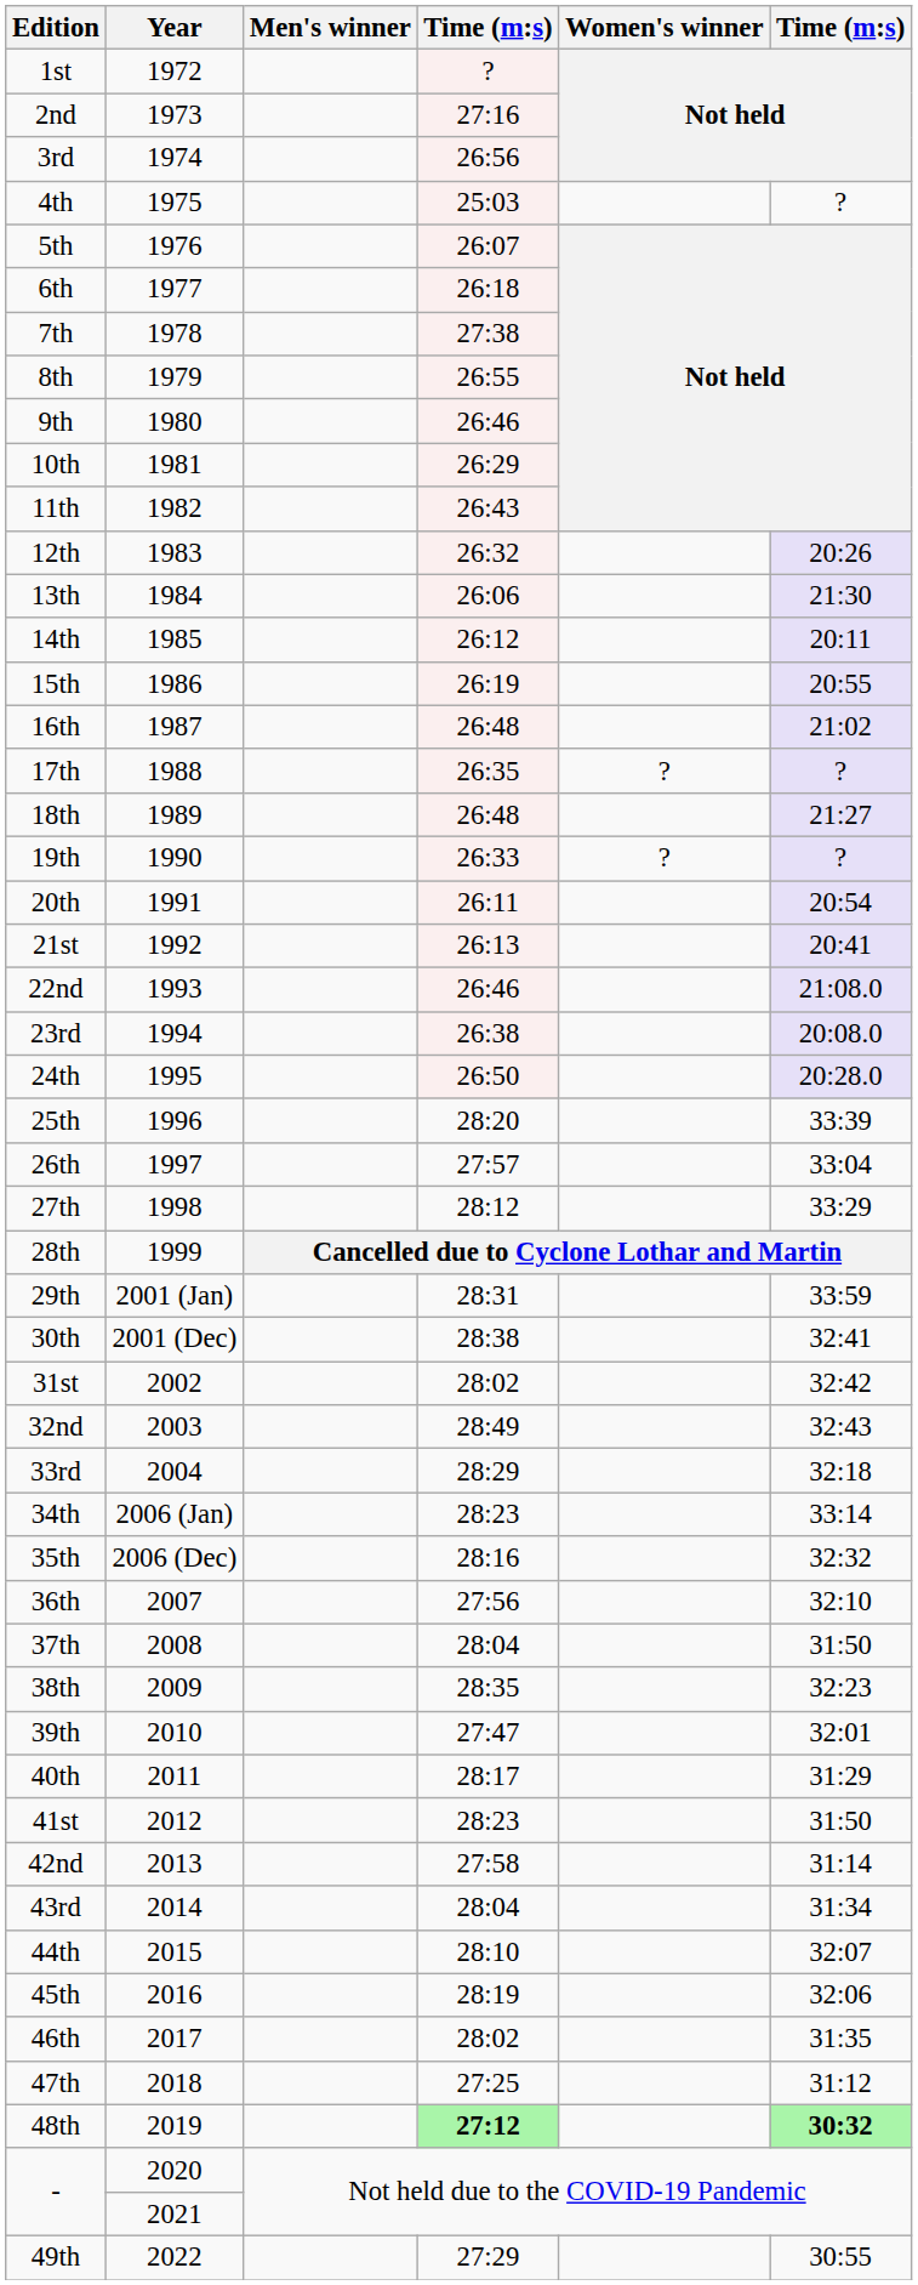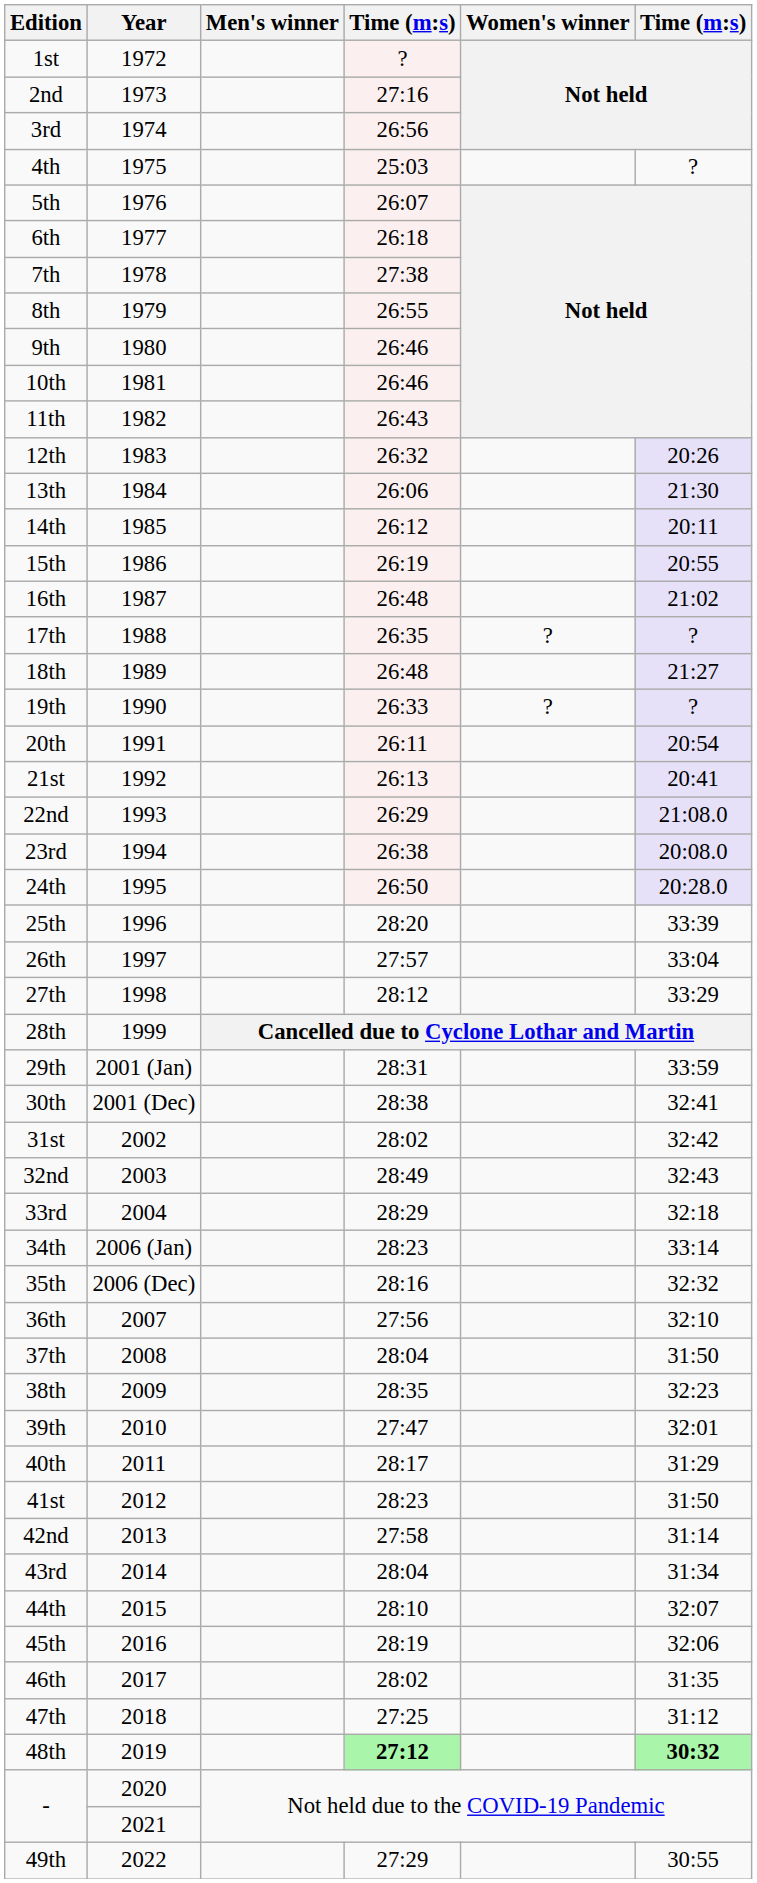 <table class="wikitable sortable" style="text-align:center">
 <tr>
 <th class=unsortable>Edition</th>
 <th>Year</th>
 <th class=unsortable>Men's winner</th>
 <th>Time (<a href='#'>m</a>:<a href='#'>s</a>)</th>
 <th class=unsortable>Women's winner</th>
 <th>Time (<a href='#'>m</a>:<a href='#'>s</a>)</th>
 </tr>
 <tr>
 <td>1st</td>
 <td>1972</td>
 <td align=left></td>
 <td bgcolor=#FBEFEF>?</td>
 <th colspan=2 rowspan=3>Not held</th>
 </tr>
 <tr>
 <td>2nd</td>
 <td>1973</td>
 <td align=left></td>
 <td bgcolor=#FBEFEF>27:16</td>
 </tr>
 <tr>
 <td>3rd</td>
 <td>1974</td>
 <td align=left></td>
 <td bgcolor=#FBEFEF>26:56</td>
 </tr>
 <tr>
 <td>4th</td>
 <td>1975</td>
 <td align=left></td>
 <td bgcolor=#FBEFEF>25:03</td>
 <td align=left></td>
 <td>?</td>
 </tr>
 <tr>
 <td>5th</td>
 <td>1976</td>
 <td align=left></td>
 <td bgcolor=#FBEFEF>26:07</td>
 <th colspan=2 rowspan=7>Not held</th>
 </tr>
 <tr>
 <td>6th</td>
 <td>1977</td>
 <td align=left></td>
 <td bgcolor=#FBEFEF>26:18</td>
 </tr>
 <tr>
 <td>7th</td>
 <td>1978</td>
 <td align=left></td>
 <td bgcolor=#FBEFEF>27:38</td>
 </tr>
 <tr>
 <td>8th</td>
 <td>1979</td>
 <td align=left></td>
 <td bgcolor=#FBEFEF>26:55</td>
 </tr>
 <tr>
 <td>9th</td>
 <td>1980</td>
 <td align=left></td>
 <td bgcolor=#FBEFEF>26:46</td>
 </tr>
 <tr>
 <td>10th</td>
 <td>1981</td>
 <td align=left></td>
-<td bgcolor=#FBEFEF>26:29</td>
+<td bgcolor=#FBEFEF>26:46</td>
 </tr>
 <tr>
 <td>11th</td>
 <td>1982</td>
 <td align=left></td>
 <td bgcolor=#FBEFEF>26:43</td>
 </tr>
 <tr>
 <td>12th</td>
 <td>1983</td>
 <td align=left></td>
 <td bgcolor=#FBEFEF>26:32</td>
 <td align=left></td>
 <td bgcolor=#E6E0F8>20:26</td>
 </tr>
 <tr>
 <td>13th</td>
 <td>1984</td>
 <td align=left></td>
 <td bgcolor=#FBEFEF>26:06</td>
 <td align=left></td>
 <td bgcolor=#E6E0F8>21:30</td>
 </tr>
 <tr>
 <td>14th</td>
 <td>1985</td>
 <td align=left></td>
 <td bgcolor=#FBEFEF>26:12</td>
 <td align=left></td>
 <td bgcolor=#E6E0F8>20:11</td>
 </tr>
 <tr>
 <td>15th</td>
 <td>1986</td>
 <td align=left></td>
 <td bgcolor=#FBEFEF>26:19</td>
 <td align=left></td>
 <td bgcolor=#E6E0F8>20:55</td>
 </tr>
 <tr>
 <td>16th</td>
 <td>1987</td>
 <td align=left></td>
 <td bgcolor=#FBEFEF>26:48</td>
 <td align=left></td>
 <td bgcolor=#E6E0F8>21:02</td>
 </tr>
 <tr>
 <td>17th</td>
 <td>1988</td>
 <td align=left></td>
 <td bgcolor=#FBEFEF>26:35</td>
 <td>?</td>
 <td bgcolor=#E6E0F8>?</td>
 </tr>
 <tr>
 <td>18th</td>
 <td>1989</td>
 <td align=left></td>
 <td bgcolor=#FBEFEF>26:48</td>
 <td align=left></td>
 <td bgcolor=#E6E0F8>21:27</td>
 </tr>
 <tr>
 <td>19th</td>
 <td>1990</td>
 <td align=left></td>
 <td bgcolor=#FBEFEF>26:33</td>
 <td>?</td>
 <td bgcolor=#E6E0F8>?</td>
 </tr>
 <tr>
 <td>20th</td>
 <td>1991</td>
 <td align=left></td>
 <td bgcolor=#FBEFEF>26:11</td>
 <td align=left></td>
 <td bgcolor=#E6E0F8>20:54</td>
 </tr>
 <tr>
 <td>21st</td>
 <td>1992</td>
 <td align=left></td>
 <td bgcolor=#FBEFEF>26:13</td>
 <td align=left></td>
 <td bgcolor=#E6E0F8>20:41</td>
 </tr>
 <tr>
 <td>22nd</td>
 <td>1993</td>
 <td align=left></td>
-<td bgcolor=#FBEFEF>26:46</td>
+<td bgcolor=#FBEFEF>26:29</td>
 <td align=left></td>
 <td bgcolor=#E6E0F8>21:08.0</td>
 </tr>
 <tr>
 <td>23rd</td>
 <td>1994</td>
 <td align=left></td>
 <td bgcolor=#FBEFEF>26:38</td>
 <td align=left></td>
 <td bgcolor=#E6E0F8>20:08.0</td>
 </tr>
 <tr>
 <td>24th</td>
 <td>1995</td>
 <td align=left></td>
 <td bgcolor=#FBEFEF>26:50</td>
 <td align=left></td>
 <td bgcolor=#E6E0F8>20:28.0</td>
 </tr>
 <tr>
 <td>25th</td>
 <td>1996</td>
 <td align=left></td>
 <td>28:20</td>
 <td align=left></td>
 <td>33:39</td>
 </tr>
 <tr>
 <td>26th</td>
 <td>1997</td>
 <td align=left></td>
 <td>27:57</td>
 <td align=left></td>
 <td>33:04</td>
 </tr>
 <tr>
 <td>27th</td>
 <td>1998</td>
 <td align=left></td>
 <td>28:12</td>
 <td align=left></td>
 <td>33:29</td>
 </tr>
 <tr>
 <td>28th</td>
 <td>1999</td>
 <th colspan=4>Cancelled due to <a href='#'>Cyclone Lothar and Martin</a></th>
 </tr>
 <tr>
 <td>29th</td>
 <td>2001 (Jan)</td>
 <td align=left></td>
 <td>28:31</td>
 <td align=left></td>
 <td>33:59</td>
 </tr>
 <tr>
 <td>30th</td>
 <td>2001 (Dec)</td>
 <td align=left></td>
 <td>28:38</td>
 <td align=left></td>
 <td>32:41</td>
 </tr>
 <tr>
 <td>31st</td>
 <td>2002</td>
 <td align=left></td>
 <td>28:02</td>
 <td align=left></td>
 <td>32:42</td>
 </tr>
 <tr>
 <td>32nd</td>
 <td>2003</td>
 <td align=left></td>
 <td>28:49</td>
 <td align=left></td>
 <td>32:43</td>
 </tr>
 <tr>
 <td>33rd</td>
 <td>2004</td>
 <td align=left></td>
 <td>28:29</td>
 <td align=left></td>
 <td>32:18</td>
 </tr>
 <tr>
 <td>34th</td>
 <td>2006 (Jan)</td>
 <td align=left></td>
 <td>28:23</td>
 <td align=left></td>
 <td>33:14</td>
 </tr>
 <tr>
 <td>35th</td>
 <td>2006 (Dec)</td>
 <td align=left></td>
 <td>28:16</td>
 <td align=left></td>
 <td>32:32</td>
 </tr>
 <tr>
 <td>36th</td>
 <td>2007</td>
 <td align=left></td>
 <td>27:56</td>
 <td align=left></td>
 <td>32:10</td>
 </tr>
 <tr>
 <td>37th</td>
 <td>2008</td>
 <td align=left></td>
 <td>28:04</td>
 <td align=left></td>
 <td>31:50</td>
 </tr>
 <tr>
 <td>38th</td>
 <td>2009</td>
 <td align=left></td>
 <td>28:35</td>
 <td align=left></td>
 <td>32:23</td>
 </tr>
 <tr>
 <td>39th</td>
 <td>2010</td>
 <td align=left></td>
 <td>27:47</td>
 <td align=left></td>
 <td>32:01</td>
 </tr>
 <tr>
 <td>40th</td>
 <td>2011</td>
 <td align=left></td>
 <td>28:17</td>
 <td align=left></td>
 <td>31:29</td>
 </tr>
 <tr>
 <td>41st</td>
 <td>2012</td>
 <td align=left></td>
 <td>28:23</td>
 <td align=left></td>
 <td>31:50</td>
 </tr>
 <tr>
 <td>42nd</td>
 <td>2013</td>
 <td align=left></td>
 <td>27:58</td>
 <td align=left></td>
 <td>31:14</td>
 </tr>
 <tr>
 <td>43rd</td>
 <td>2014</td>
 <td align=left></td>
 <td>28:04</td>
 <td align=left></td>
 <td>31:34</td>
 </tr>
 <tr>
 <td>44th</td>
 <td>2015</td>
 <td align=left></td>
 <td>28:10</td>
 <td align=left></td>
 <td>32:07</td>
 </tr>
 <tr>
 <td>45th</td>
 <td>2016</td>
 <td align=left></td>
 <td>28:19</td>
 <td align=left></td>
 <td>32:06</td>
 </tr>
 <tr>
 <td>46th</td>
 <td>2017</td>
 <td align=left></td>
 <td>28:02</td>
 <td align=left></td>
 <td>31:35</td>
 </tr>
 <tr>
 <td>47th</td>
 <td>2018</td>
 <td align=left></td>
 <td>27:25</td>
 <td align=left></td>
 <td>31:12</td>
 </tr>
 <tr>
 <td>48th</td>
 <td>2019</td>
 <td align=left></td>
 <td bgcolor=#A9F5A9><strong>27:12</strong></td>
 <td align=left></td>
 <td bgcolor=#A9F5A9><strong>30:32</strong></td>
 </tr>
 <tr>
 <td rowspan="2">-</td>
 <td>2020</td>
 <td colspan="4" rowspan="2">Not held due to the <a href='#'>COVID-19 Pandemic</a></td>
 </tr>
 <tr>
 <td>2021</td>
 </tr>
 <tr>
 <td>49th</td>
 <td>2022</td>
 <td align=left></td>
 <td>27:29</td>
 <td align=left></td>
 <td>30:55</td>
 </tr>
 </table>
